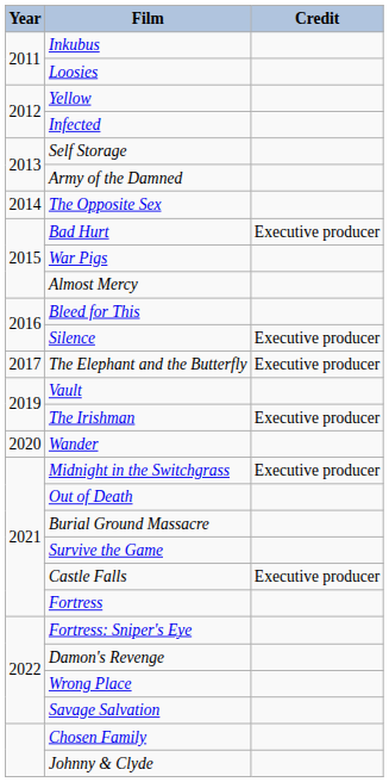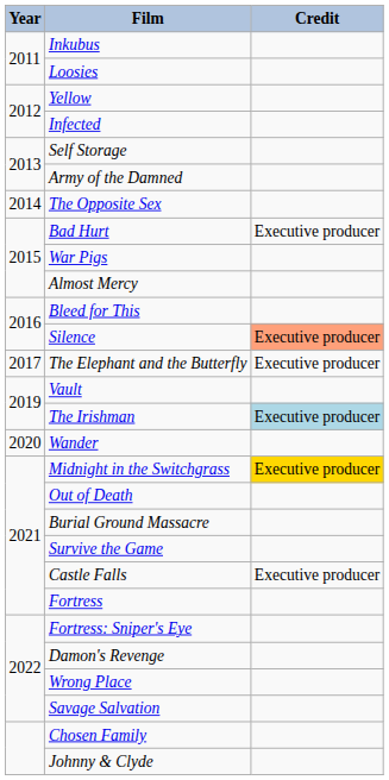 <table class="wikitable" style="font-size:95%;">
 <tr>
 <th style="background:#B0C4DE;">Year</th>
 <th style="background:#B0C4DE;">Film</th>
 <th style="background:#B0C4DE;">Credit</th>
 </tr>
 <tr>
 <td rowspan=2>2011</td>
 <td><em><a href='#'>Inkubus</a></em></td>
 <td></td>
 </tr>
 <tr>
 <td><em><a href='#'>Loosies</a></em></td>
 <td></td>
 </tr>
 <tr>
 <td rowspan=2>2012</td>
 <td><em><a href='#'>Yellow</a></em></td>
 <td></td>
 </tr>
 <tr>
 <td><em><a href='#'>Infected</a></em></td>
 <td></td>
 </tr>
 <tr>
 <td rowspan=2>2013</td>
 <td><em>Self Storage</em></td>
 <td></td>
 </tr>
 <tr>
 <td><em>Army of the Damned</em></td>
 <td></td>
 </tr>
 <tr>
 <td>2014</td>
 <td><em><a href='#'>The Opposite Sex</a></em></td>
 </tr>
 <tr>
 <td rowspan=3>2015</td>
 <td><em><a href='#'>Bad Hurt</a></em></td>
 <td>Executive producer</td>
 </tr>
 <tr>
 <td><em><a href='#'>War Pigs</a></em></td>
 <td></td>
 </tr>
 <tr>
 <td><em>Almost Mercy</em></td>
 <td></td>
 </tr>
 <tr>
 <td rowspan=2>2016</td>
 <td><em><a href='#'>Bleed for This</a></em></td>
 <td></td>
 </tr>
 <tr>
 <td><em><a href='#'>Silence</a></em></td>
-<td>Executive producer</td>
+<td style="background: lightsalmon;">Executive producer</td>
 </tr>
 <tr>
 <td>2017</td>
 <td><em>The Elephant and the Butterfly</em></td>
 <td>Executive producer</td>
 </tr>
 <tr>
 <td rowspan=2>2019</td>
 <td><em><a href='#'>Vault</a></em></td>
 <td></td>
 </tr>
 <tr>
 <td><em><a href='#'>The Irishman</a></em></td>
-<td>Executive producer</td>
+<td style="background: lightblue;">Executive producer</td>
 </tr>
 <tr>
 <td>2020</td>
 <td><em><a href='#'>Wander</a></em></td>
 <td></td>
 </tr>
 <tr>
 <td rowspan="6">2021</td>
 <td><em><a href='#'>Midnight in the Switchgrass</a></em></td>
-<td>Executive producer</td>
+<td style="background: gold;">Executive producer</td>
 </tr>
 <tr>
 <td><em><a href='#'>Out of Death</a></em></td>
 <td></td>
 </tr>
 <tr>
 <td><em>Burial Ground Massacre</em></td>
 <td></td>
 </tr>
 <tr>
 <td><em><a href='#'>Survive the Game</a></em></td>
 <td></td>
 </tr>
 <tr>
 <td><em>Castle Falls</em></td>
 <td>Executive producer</td>
 </tr>
 <tr>
 <td><em><a href='#'>Fortress</a></em></td>
 <td></td>
 </tr>
 <tr>
 <td rowspan="4">2022</td>
 <td><em><a href='#'>Fortress: Sniper's Eye</a></em></td>
 <td></td>
 </tr>
 <tr>
 <td><em>Damon's Revenge</em></td>
 <td></td>
 </tr>
 <tr>
 <td><em><a href='#'>Wrong Place</a></em></td>
 <td></td>
 </tr>
 <tr>
 <td><em><a href='#'>Savage Salvation</a></em></td>
 <td></td>
 </tr>
 <tr>
 <td rowspan=2 style="text-align:center;"></td>
 <td><em><a href='#'>Chosen Family</a></em></td>
 <td></td>
 </tr>
 <tr>
 <td><em>Johnny & Clyde</em></td>
 <td></td>
 </tr>
 </table>
